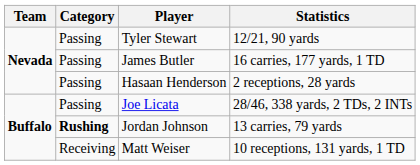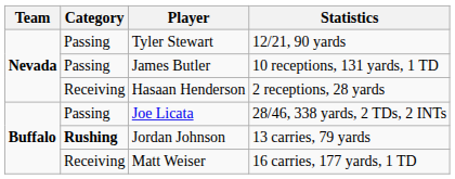 <table class="wikitable" style="float: left;">
 <tr>
 <th>Team</th>
 <th>Category</th>
 <th>Player</th>
 <th>Statistics</th>
 </tr>
 <tr>
 <td rowspan=3><strong>Nevada</strong></td>
 <td>Passing</td>
 <td>Tyler Stewart</td>
 <td>12/21, 90 yards</td>
 </tr>
 <tr>
 <td>Passing</td>
 <td>James Butler</td>
-<td>16 carries, 177 yards, 1 TD</td>
+<td>10 receptions, 131 yards, 1 TD</td>
 </tr>
 <tr>
-<td>Passing</td>
+<td>Receiving</td>
 <td>Hasaan Henderson</td>
 <td>2 receptions, 28 yards</td>
 </tr>
 <tr>
 <td rowspan=3><strong>Buffalo</strong></td>
 <td>Passing</td>
 <td><a href='#'>Joe Licata</a></td>
 <td>28/46, 338 yards, 2 TDs, 2 INTs</td>
 </tr>
 <tr>
 <td><strong>Rushing</strong></td>
 <td>Jordan Johnson</td>
 <td>13 carries, 79 yards</td>
 </tr>
 <tr>
 <td>Receiving</td>
 <td>Matt Weiser</td>
-<td>10 receptions, 131 yards, 1 TD</td>
+<td>16 carries, 177 yards, 1 TD</td>
 </tr>
 </table>
